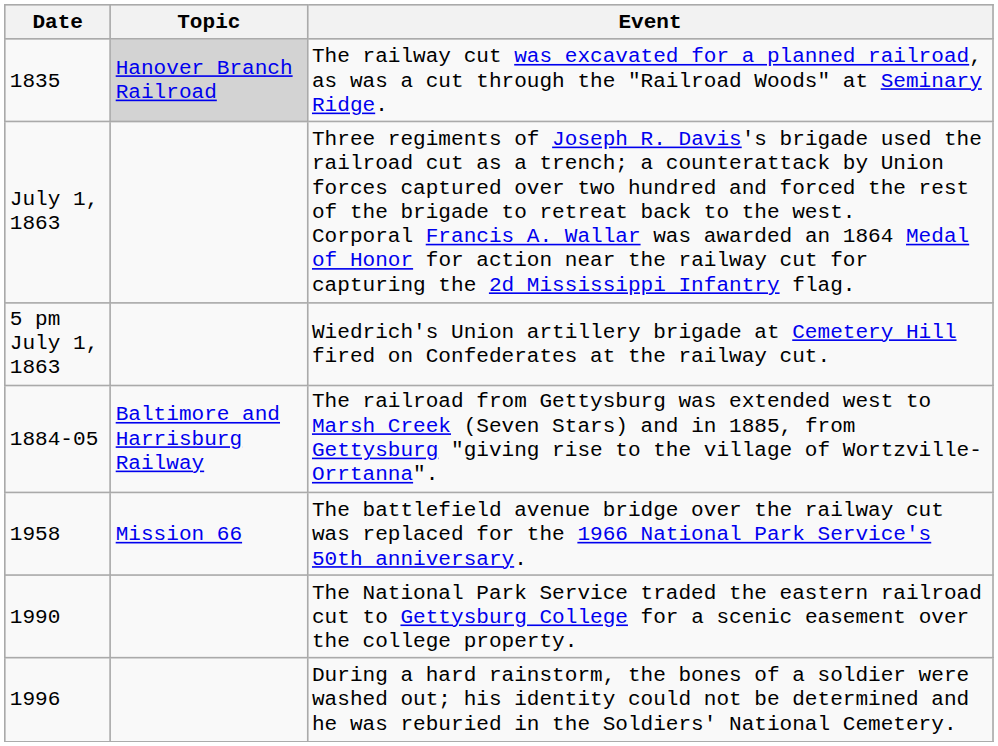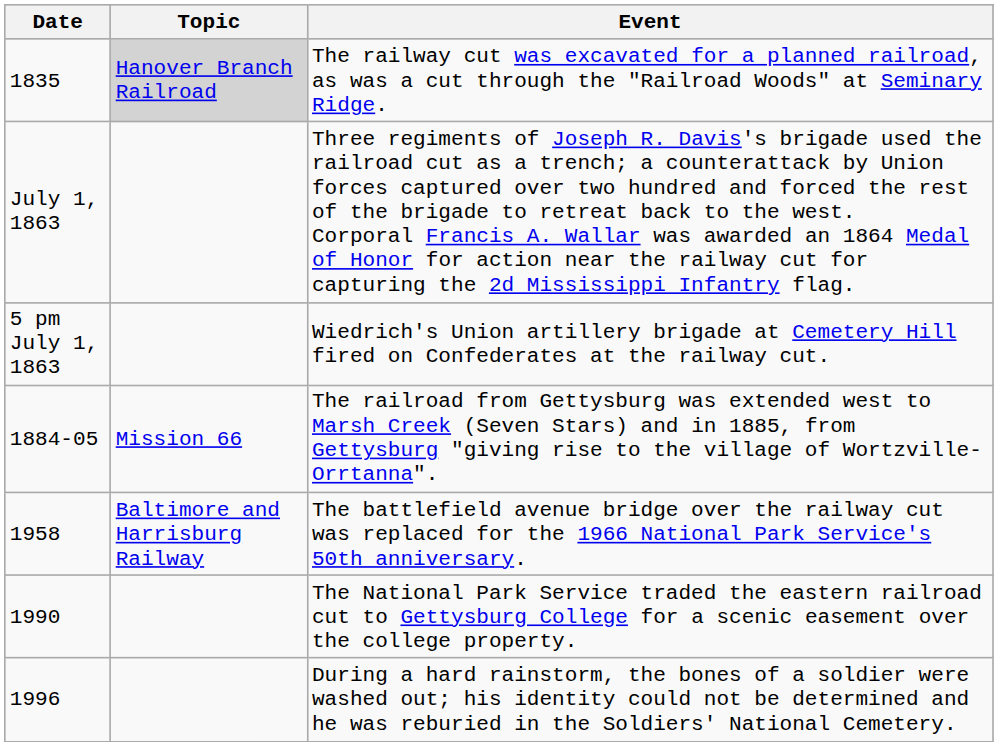 <table class="wikitable sortable">
 <tr>
 <th>Date</th>
 <th>Topic</th>
 <th>Event</th>
 </tr>
 <tr>
 <td>1835</td>
 <td style="background: lightgrey;"><a href='#'>Hanover Branch Railroad</a></td>
 <td>The railway cut <a href='#'>was excavated for a planned railroad</a>, as was a cut through the "Railroad Woods" at <a href='#'>Seminary Ridge</a>.</td>
 </tr>
 <tr>
 <td>July 1, 1863</td>
 <td></td>
 <td>Three regiments of <a href='#'>Joseph R. Davis</a>'s brigade used the railroad cut as a trench; a counterattack by Union forces captured over two hundred and forced the rest of the brigade to retreat back to the west.<br>Corporal <a href='#'>Francis A. Wallar</a> was awarded an 1864 <a href='#'>Medal of Honor</a> for action near the railway cut  for capturing the <a href='#'>2d Mississippi Infantry</a> flag.</td>
 </tr>
 <tr>
 <td>5 pm July 1, 1863</td>
 <td></td>
 <td>Wiedrich's Union artillery brigade at <a href='#'>Cemetery Hill</a> fired on Confederates at the railway cut.</td>
 </tr>
 <tr>
 <td>1884-05 </td>
-<td><a href='#'>Baltimore and Harrisburg Railway</a></td>
+<td><a href='#'>Mission 66</a></td>
 <td>The railroad from Gettysburg was extended west to <a href='#'>Marsh Creek</a> (Seven Stars) and in 1885,  from <a href='#'>Gettysburg</a> "giving rise to the village of Wortzville-<a href='#'>Orrtanna</a>".</td>
 </tr>
 <tr>
 <td>1958</td>
-<td><a href='#'>Mission 66</a></td>
+<td><a href='#'>Baltimore and Harrisburg Railway</a></td>
 <td>The battlefield avenue bridge over the railway cut was replaced for the <a href='#'>1966 National Park Service's 50th anniversary</a>.</td>
 </tr>
 <tr>
 <td>1990</td>
 <td></td>
 <td>The National Park Service traded the eastern railroad cut to <a href='#'>Gettysburg College</a> for a scenic easement over the college property.</td>
 </tr>
 <tr>
 <td>1996</td>
 <td></td>
 <td>During a hard rainstorm, the bones of a soldier were washed out; his identity could not be determined and he was reburied in the Soldiers' National Cemetery.</td>
 </tr>
 <tr>
 </tr>
 </table>
